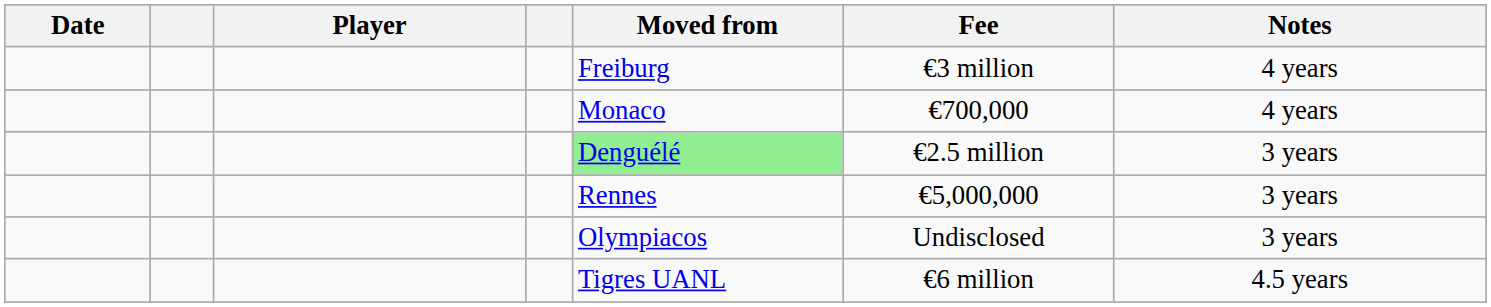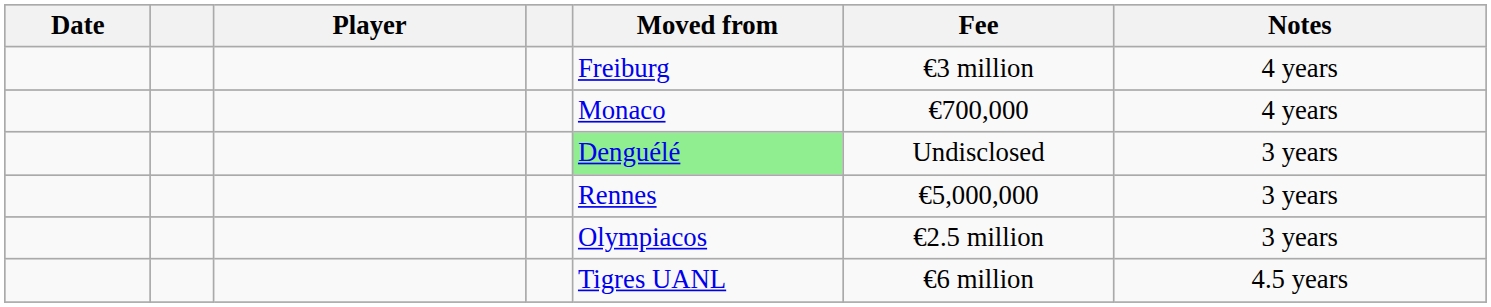 <table class="wikitable sortable">
 <tr>
 <th style="width:80px;">Date</th>
 <th style="width:30px;"></th>
 <th style="width:180px;">Player</th>
 <th style="width:20px;"></th>
 <th style="width:155px;">Moved from</th>
 <th style="width:155px;" class="unsortable">Fee</th>
 <th style="width:215px;" class="unsortable">Notes</th>
 </tr>
 <tr>
 <td></td>
 <td align=center></td>
 <td> </td>
 <td></td>
 <td> <a href='#'>Freiburg</a></td>
 <td align=center>€3 million</td>
 <td align=center>4 years</td>
 </tr>
 <tr>
 <td></td>
 <td align=center></td>
 <td> </td>
 <td></td>
 <td> <a href='#'>Monaco</a></td>
 <td align=center>€700,000</td>
 <td align=center>4 years</td>
 </tr>
 <tr>
 <td></td>
 <td align=center></td>
 <td> </td>
 <td></td>
 <td style="background: lightgreen;"> <a href='#'>Denguélé</a></td>
-<td align=center>€2.5 million</td>
+<td align=center>Undisclosed</td>
 <td align=center>3 years</td>
 </tr>
 <tr>
 <td></td>
 <td align=center></td>
 <td> </td>
 <td></td>
 <td> <a href='#'>Rennes</a></td>
 <td align=center>€5,000,000</td>
 <td align=center>3 years</td>
 </tr>
 <tr>
 <td></td>
 <td align=center></td>
 <td> </td>
 <td></td>
 <td> <a href='#'>Olympiacos</a></td>
-<td align=center>Undisclosed</td>
+<td align=center>€2.5 million</td>
 <td align=center>3 years</td>
 </tr>
 <tr>
 <td></td>
 <td align=center></td>
 <td> </td>
 <td></td>
 <td> <a href='#'>Tigres UANL</a></td>
 <td align=center>€6 million</td>
 <td align=center>4.5 years</td>
 </tr>
 </table>
